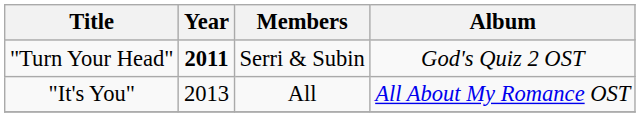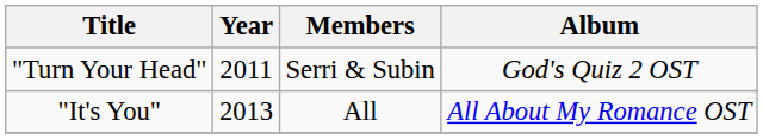 <table class="wikitable" style="text-align:center;">
 <tr>
 <th scope="col">Title</th>
 <th scope="col">Year</th>
 <th scope="col">Members</th>
 <th scope="col">Album</th>
 </tr>
 <tr>
 <td>"Turn Your Head"</td>
-<td><strong>2011</strong></td>
+<td>2011</td>
 <td>Serri & Subin</td>
 <td><em>God's Quiz 2 OST</em></td>
 </tr>
 <tr>
 <td>"It's You"</td>
 <td>2013</td>
 <td>All</td>
 <td><em><a href='#'>All About My Romance</a> OST</em></td>
 </tr>
 <tr>
 </tr>
 </table>
